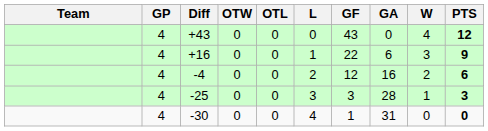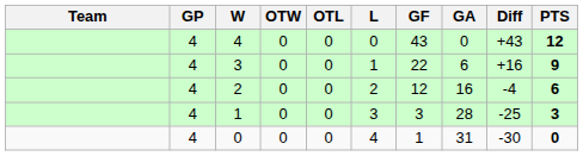 <table class="wikitable" style="text-align:center;">
 <tr>
 <th width=165>Team</th>
 <th width=40>GP</th>
-<th width=40>Diff</th>
+<th width=40>W</th>
 <th width=40>OTW</th>
 <th width=40>OTL</th>
 <th width=40>L</th>
 <th width=40>GF</th>
 <th width=40>GA</th>
-<th width=40>W</th>
+<th width=40>Diff</th>
 <th width=40>PTS</th>
 </tr>
 <tr bgcolor=#ccffcc>
 <td style="text-align:left;"><strong></strong></td>
 <td>4</td>
-<td>+43</td>
+<td>4</td>
 <td>0</td>
 <td>0</td>
 <td>0</td>
 <td>43</td>
 <td>0</td>
-<td>4</td>
+<td>+43</td>
 <td><strong>12</strong></td>
 </tr>
 <tr bgcolor=#ccffcc>
 <td style="text-align:left;"></td>
 <td>4</td>
-<td>+16</td>
+<td>3</td>
 <td>0</td>
 <td>0</td>
 <td>1</td>
 <td>22</td>
 <td>6</td>
-<td>3</td>
+<td>+16</td>
 <td><strong>9</strong></td>
 </tr>
 <tr bgcolor=#ccffcc>
 <td style="text-align:left;"></td>
 <td>4</td>
-<td>-4</td>
+<td>2</td>
 <td>0</td>
 <td>0</td>
 <td>2</td>
 <td>12</td>
 <td>16</td>
-<td>2</td>
+<td>-4</td>
 <td><strong>6</strong></td>
 </tr>
 <tr bgcolor=#ccffcc>
 <td style="text-align:left;"></td>
 <td>4</td>
-<td>-25</td>
+<td>1</td>
 <td>0</td>
 <td>0</td>
 <td>3</td>
 <td>3</td>
 <td>28</td>
-<td>1</td>
+<td>-25</td>
 <td><strong>3</strong></td>
 </tr>
 <tr>
 <td style="text-align:left;"></td>
 <td>4</td>
-<td>-30</td>
+<td>0</td>
 <td>0</td>
 <td>0</td>
 <td>4</td>
 <td>1</td>
 <td>31</td>
-<td>0</td>
+<td>-30</td>
 <td><strong>0</strong></td>
 </tr>
 </table>
